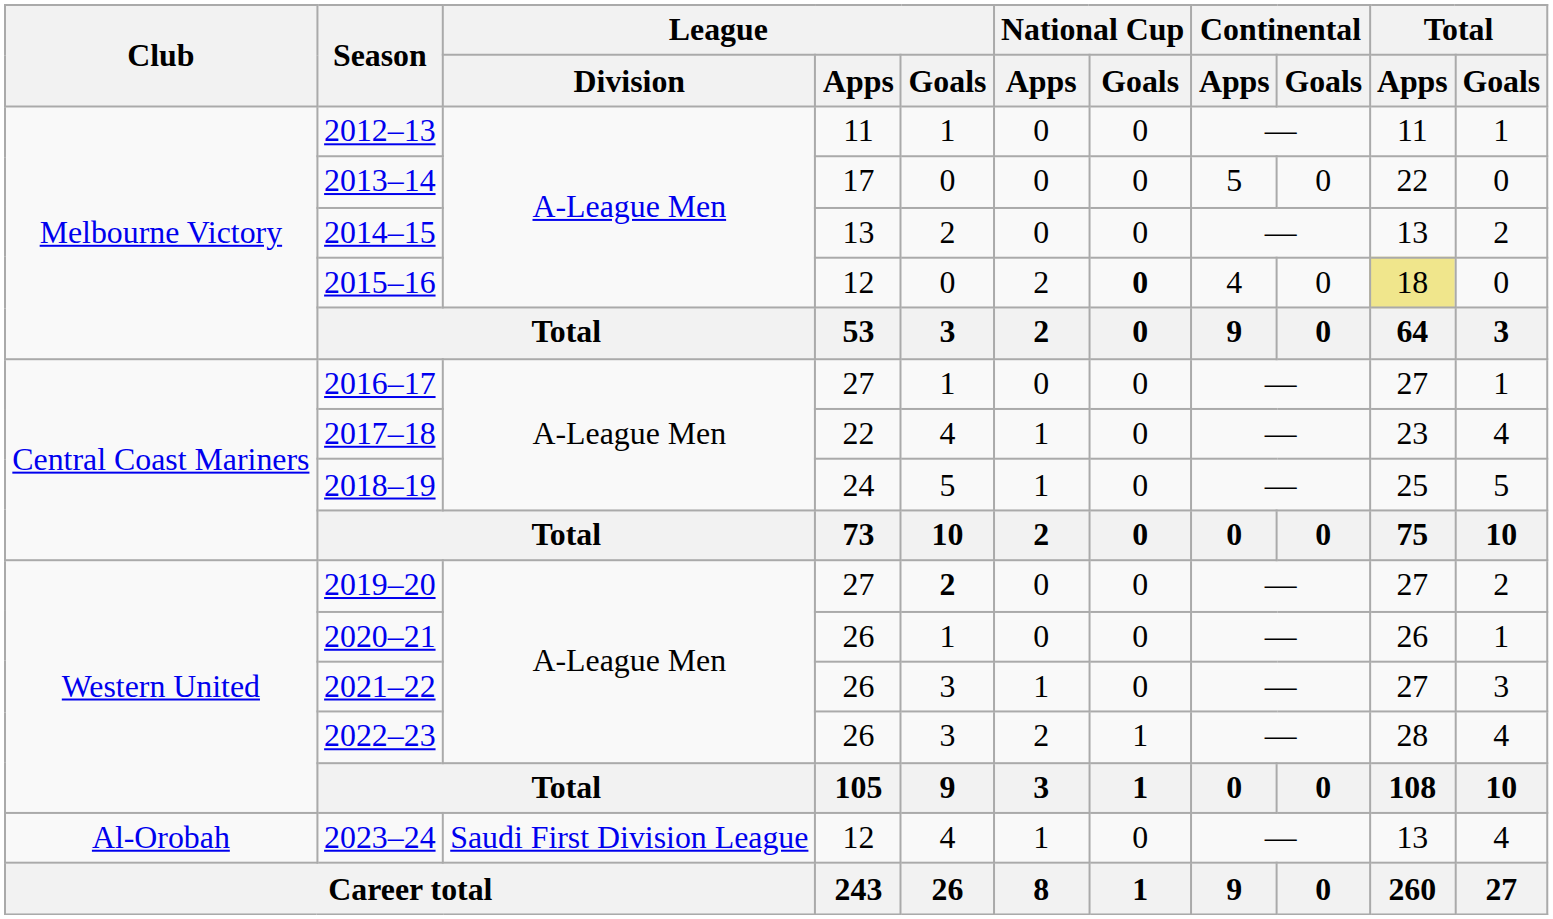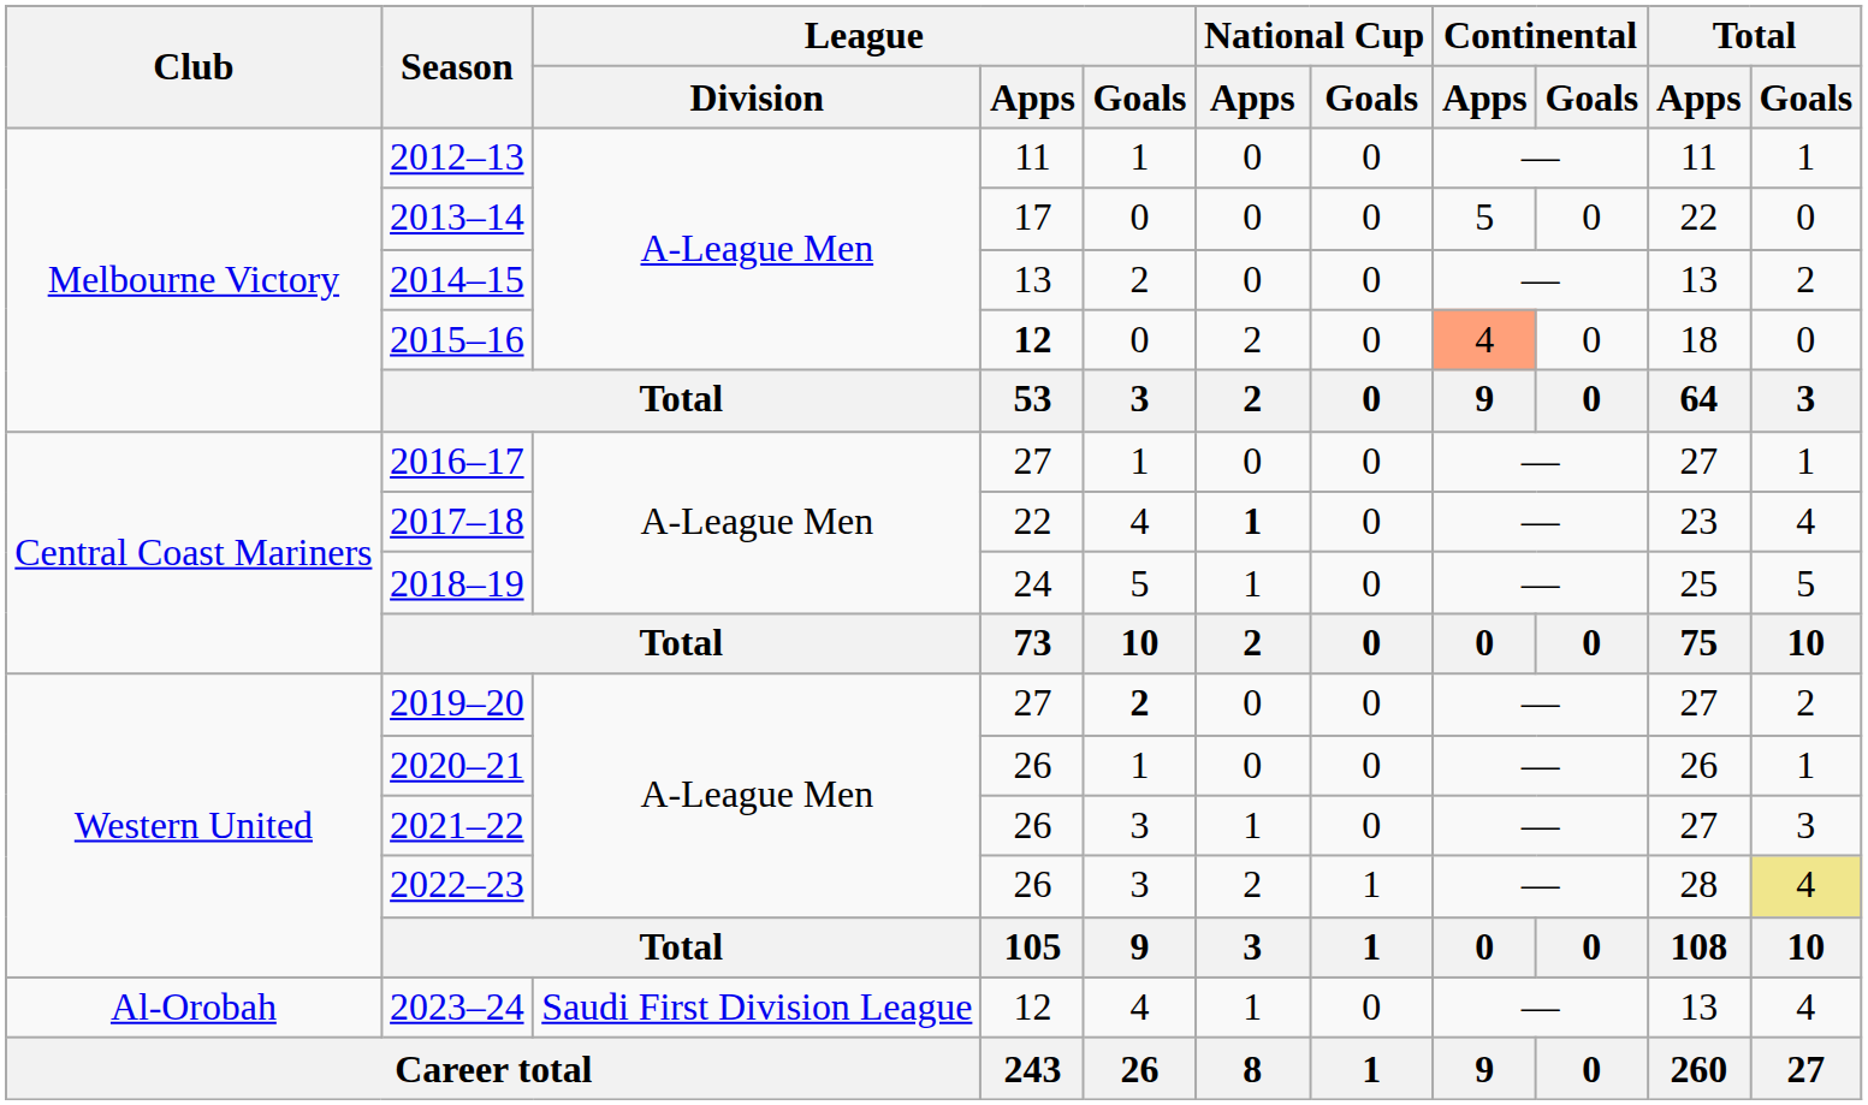 <table class="wikitable", style="text-align:center">
 <tr>
 <th rowspan="2">Club</th>
 <th rowspan="2">Season</th>
 <th colspan="3">League</th>
 <th colspan="2">National Cup</th>
 <th colspan="2">Continental</th>
 <th colspan="2">Total</th>
 </tr>
 <tr>
 <th>Division</th>
 <th>Apps</th>
 <th>Goals</th>
 <th>Apps</th>
 <th>Goals</th>
 <th>Apps</th>
 <th>Goals</th>
 <th>Apps</th>
 <th>Goals</th>
 </tr>
 <tr>
 <td rowspan="5"><a href='#'>Melbourne Victory</a></td>
 <td><a href='#'>2012–13</a></td>
 <td rowspan="4"><a href='#'>A-League Men</a></td>
 <td>11</td>
 <td>1</td>
 <td>0</td>
 <td>0</td>
 <td colspan="2">—</td>
 <td>11</td>
 <td>1</td>
 </tr>
 <tr>
 <td><a href='#'>2013–14</a></td>
 <td>17</td>
 <td>0</td>
 <td>0</td>
 <td>0</td>
 <td>5</td>
 <td>0</td>
 <td>22</td>
 <td>0</td>
 </tr>
 <tr>
 <td><a href='#'>2014–15</a></td>
 <td>13</td>
 <td>2</td>
 <td>0</td>
 <td>0</td>
 <td colspan="2">—</td>
 <td>13</td>
 <td>2</td>
 </tr>
 <tr>
 <td><a href='#'>2015–16</a></td>
-<td>12</td>
+<td><strong>12</strong></td>
 <td>0</td>
 <td>2</td>
-<td><strong>0</strong></td>
-<td>4</td>
 <td>0</td>
-<td style="background: khaki;">18</td>
+<td style="background: lightsalmon;">4</td>
+<td>0</td>
+<td>18</td>
 <td>0</td>
 </tr>
 <tr>
 <th colspan="2">Total</th>
 <th>53</th>
 <th>3</th>
 <th>2</th>
 <th>0</th>
 <th>9</th>
 <th>0</th>
 <th>64</th>
 <th>3</th>
 </tr>
 <tr>
 <td rowspan="4"><a href='#'>Central Coast Mariners</a></td>
 <td><a href='#'>2016–17</a></td>
 <td rowspan="3">A-League Men</td>
 <td>27</td>
 <td>1</td>
 <td>0</td>
 <td>0</td>
 <td colspan="2">—</td>
 <td>27</td>
 <td>1</td>
 </tr>
 <tr>
 <td><a href='#'>2017–18</a></td>
 <td>22</td>
 <td>4</td>
-<td>1</td>
+<td><strong>1</strong></td>
 <td>0</td>
 <td colspan="2">—</td>
 <td>23</td>
 <td>4</td>
 </tr>
 <tr>
 <td><a href='#'>2018–19</a></td>
 <td>24</td>
 <td>5</td>
 <td>1</td>
 <td>0</td>
 <td colspan="2">—</td>
 <td>25</td>
 <td>5</td>
 </tr>
 <tr>
 <th colspan="2">Total</th>
 <th>73</th>
 <th>10</th>
 <th>2</th>
 <th>0</th>
 <th>0</th>
 <th>0</th>
 <th>75</th>
 <th>10</th>
 </tr>
 <tr>
 <td rowspan="5"><a href='#'>Western United</a></td>
 <td><a href='#'>2019–20</a></td>
 <td rowspan="4">A-League Men</td>
 <td>27</td>
 <td><strong>2</strong></td>
 <td>0</td>
 <td>0</td>
 <td colspan="2">—</td>
 <td>27</td>
 <td>2</td>
 </tr>
 <tr>
 <td><a href='#'>2020–21</a></td>
 <td>26</td>
 <td>1</td>
 <td>0</td>
 <td>0</td>
 <td colspan="2">—</td>
 <td>26</td>
 <td>1</td>
 </tr>
 <tr>
 <td><a href='#'>2021–22</a></td>
 <td>26</td>
 <td>3</td>
 <td>1</td>
 <td>0</td>
 <td colspan="2">—</td>
 <td>27</td>
 <td>3</td>
 </tr>
 <tr>
 <td><a href='#'>2022–23</a></td>
 <td>26</td>
 <td>3</td>
 <td>2</td>
 <td>1</td>
 <td colspan="2">—</td>
 <td>28</td>
-<td>4</td>
+<td style="background: khaki;">4</td>
 </tr>
 <tr>
 <th colspan="2">Total</th>
 <th>105</th>
 <th>9</th>
 <th>3</th>
 <th>1</th>
 <th>0</th>
 <th>0</th>
 <th>108</th>
 <th>10</th>
 </tr>
 <tr>
 <td><a href='#'>Al-Orobah</a></td>
 <td><a href='#'>2023–24</a></td>
 <td><a href='#'>Saudi First Division League</a></td>
 <td>12</td>
 <td>4</td>
 <td>1</td>
 <td>0</td>
 <td colspan="2">—</td>
 <td>13</td>
 <td>4</td>
 </tr>
 <tr>
 <th colspan="3">Career total</th>
 <th>243</th>
 <th>26</th>
 <th>8</th>
 <th>1</th>
 <th>9</th>
 <th>0</th>
 <th>260</th>
 <th>27</th>
 </tr>
 </table>
